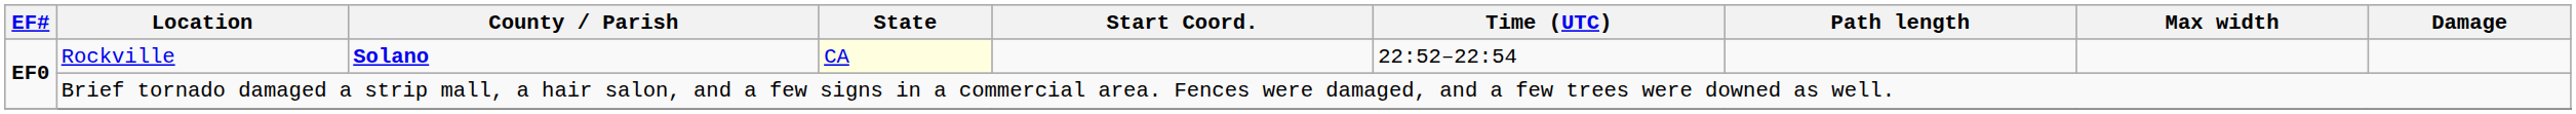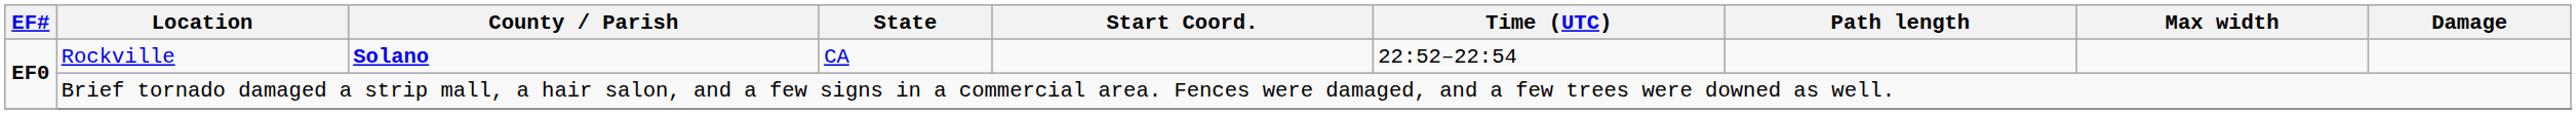 <table class="wikitable sortable" style="width:100%;">
 <tr>
 <th scope="col" width="2%" align="center"><a href='#'>EF#</a></th>
 <th scope="col" align="center" class="unsortable">Location</th>
 <th scope="col" align="center" class="unsortable">County / Parish</th>
 <th scope="col" align="center">State</th>
 <th scope="col" align="center" data-sort-type="number">Start Coord.</th>
 <th scope="col" align="center" data-sort-type="number">Time (<a href='#'>UTC</a>)</th>
 <th scope="col" align="center" data-sort-type="number">Path length</th>
 <th scope="col" align="center" data-sort-type="number">Max width</th>
 <th scope="col" align="center" data-sort-type="number">Damage<br></th>
 </tr>
 <tr>
 <td rowspan="2" align="center"><strong>EF0</strong></td>
 <td><a href='#'>Rockville</a></td>
 <td><strong><a href='#'>Solano</a></strong></td>
-<td style="background: lightyellow;"><a href='#'>CA</a></td>
+<td><a href='#'>CA</a></td>
 <td></td>
 <td>22:52–22:54</td>
 <td></td>
 <td></td>
 <td></td>
 </tr>
 <tr class="expand-child">
 <td colspan="8" style=" border-bottom: 1px solid black;">Brief tornado damaged a strip mall, a hair salon, and a few signs in a commercial area. Fences were damaged, and a few trees were downed as well.</td>
 </tr>
 <tr>
 </tr>
 </table>
